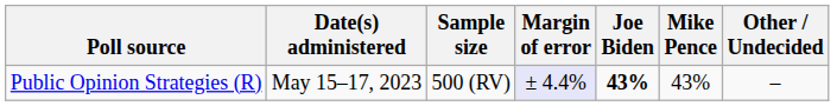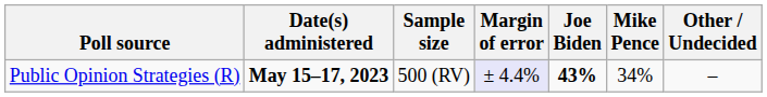 <table class="wikitable sortable mw-datatable" style="font-size:90%;text-align:center;line-height:17px">
 <tr valign=bottom>
 <th>Poll source</th>
 <th>Date(s)<br>administered</th>
 <th>Sample<br>size</th>
 <th>Margin<br>of error</th>
 <th class="unsortable">Joe<br>Biden<br></th>
 <th class="unsortable">Mike<br>Pence<br></th>
 <th class="unsortable">Other /<br>Undecided</th>
 </tr>
 <tr>
 <td style="text-align:left;"><a href='#'>Public Opinion Strategies (R)</a></td>
-<td data-sort-value=2023-04-27>May 15–17, 2023</td>
+<td data-sort-value=2023-04-27><strong>May 15–17, 2023</strong></td>
 <td>500 (RV)</td>
 <td style="background: lavender;">± 4.4%</td>
 <td style="color:black;background-color:"><strong>43%</strong></td>
-<td>43%</td>
+<td>34%</td>
 <td>–</td>
 </tr>
 </table>
